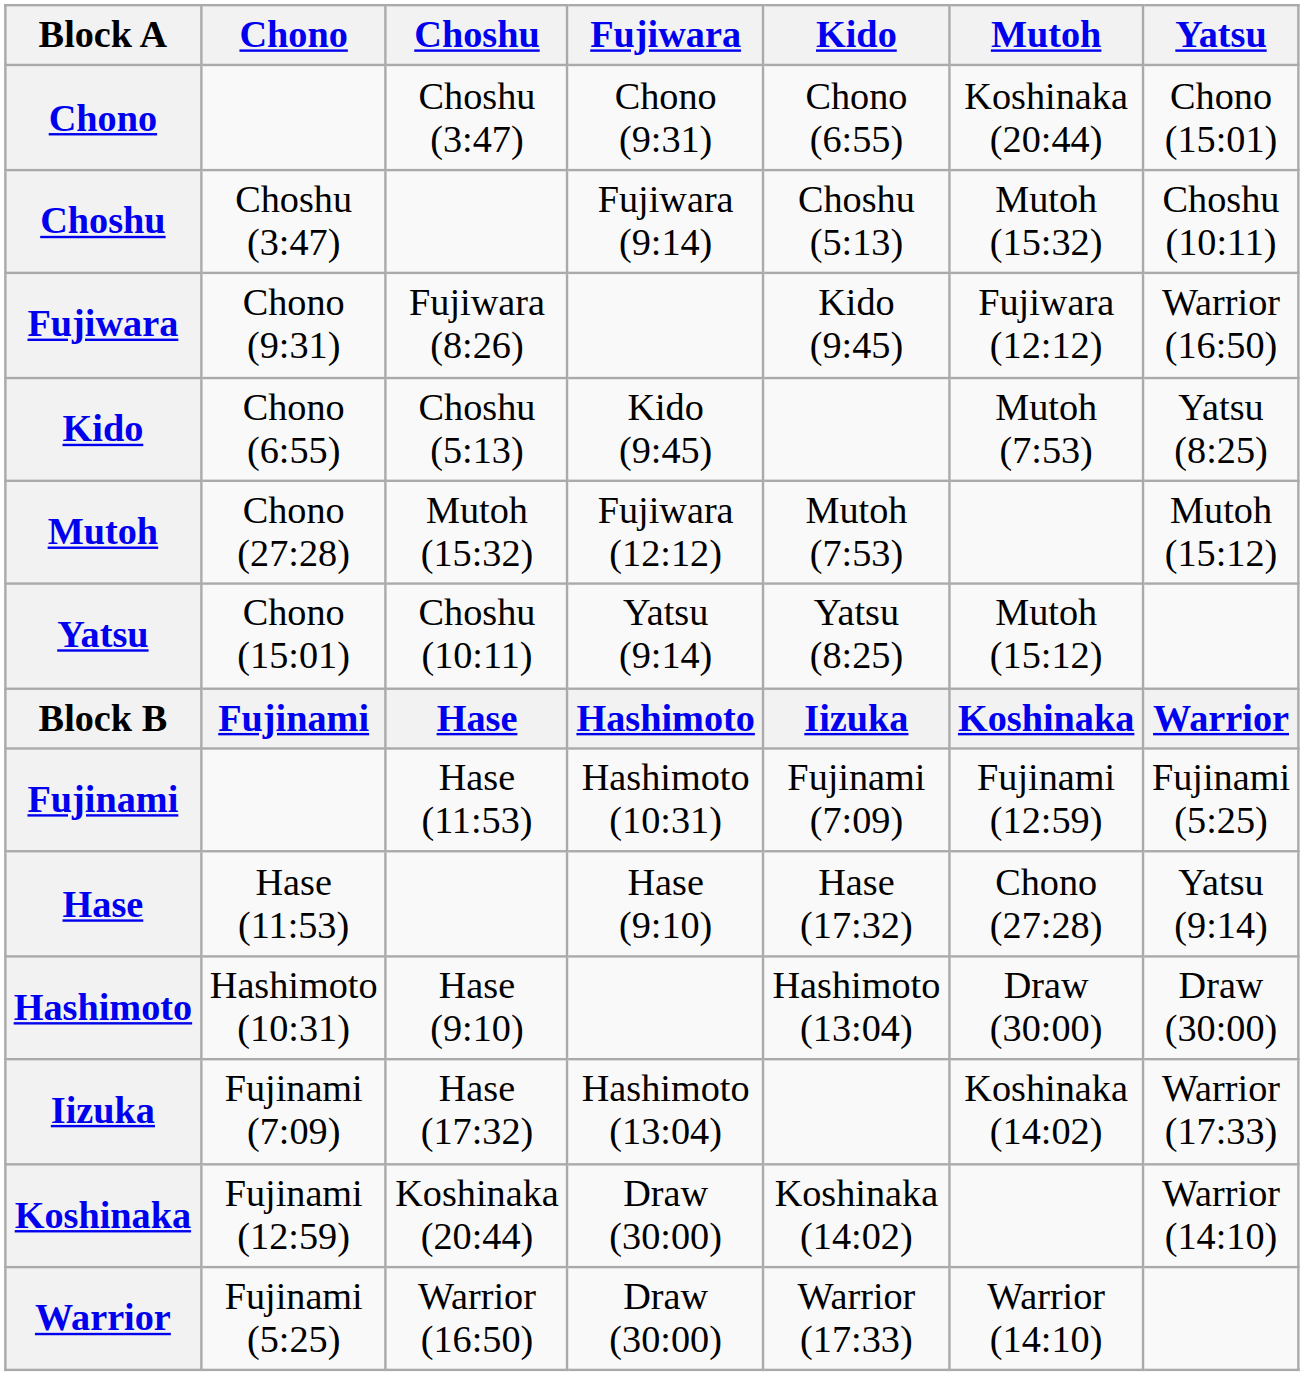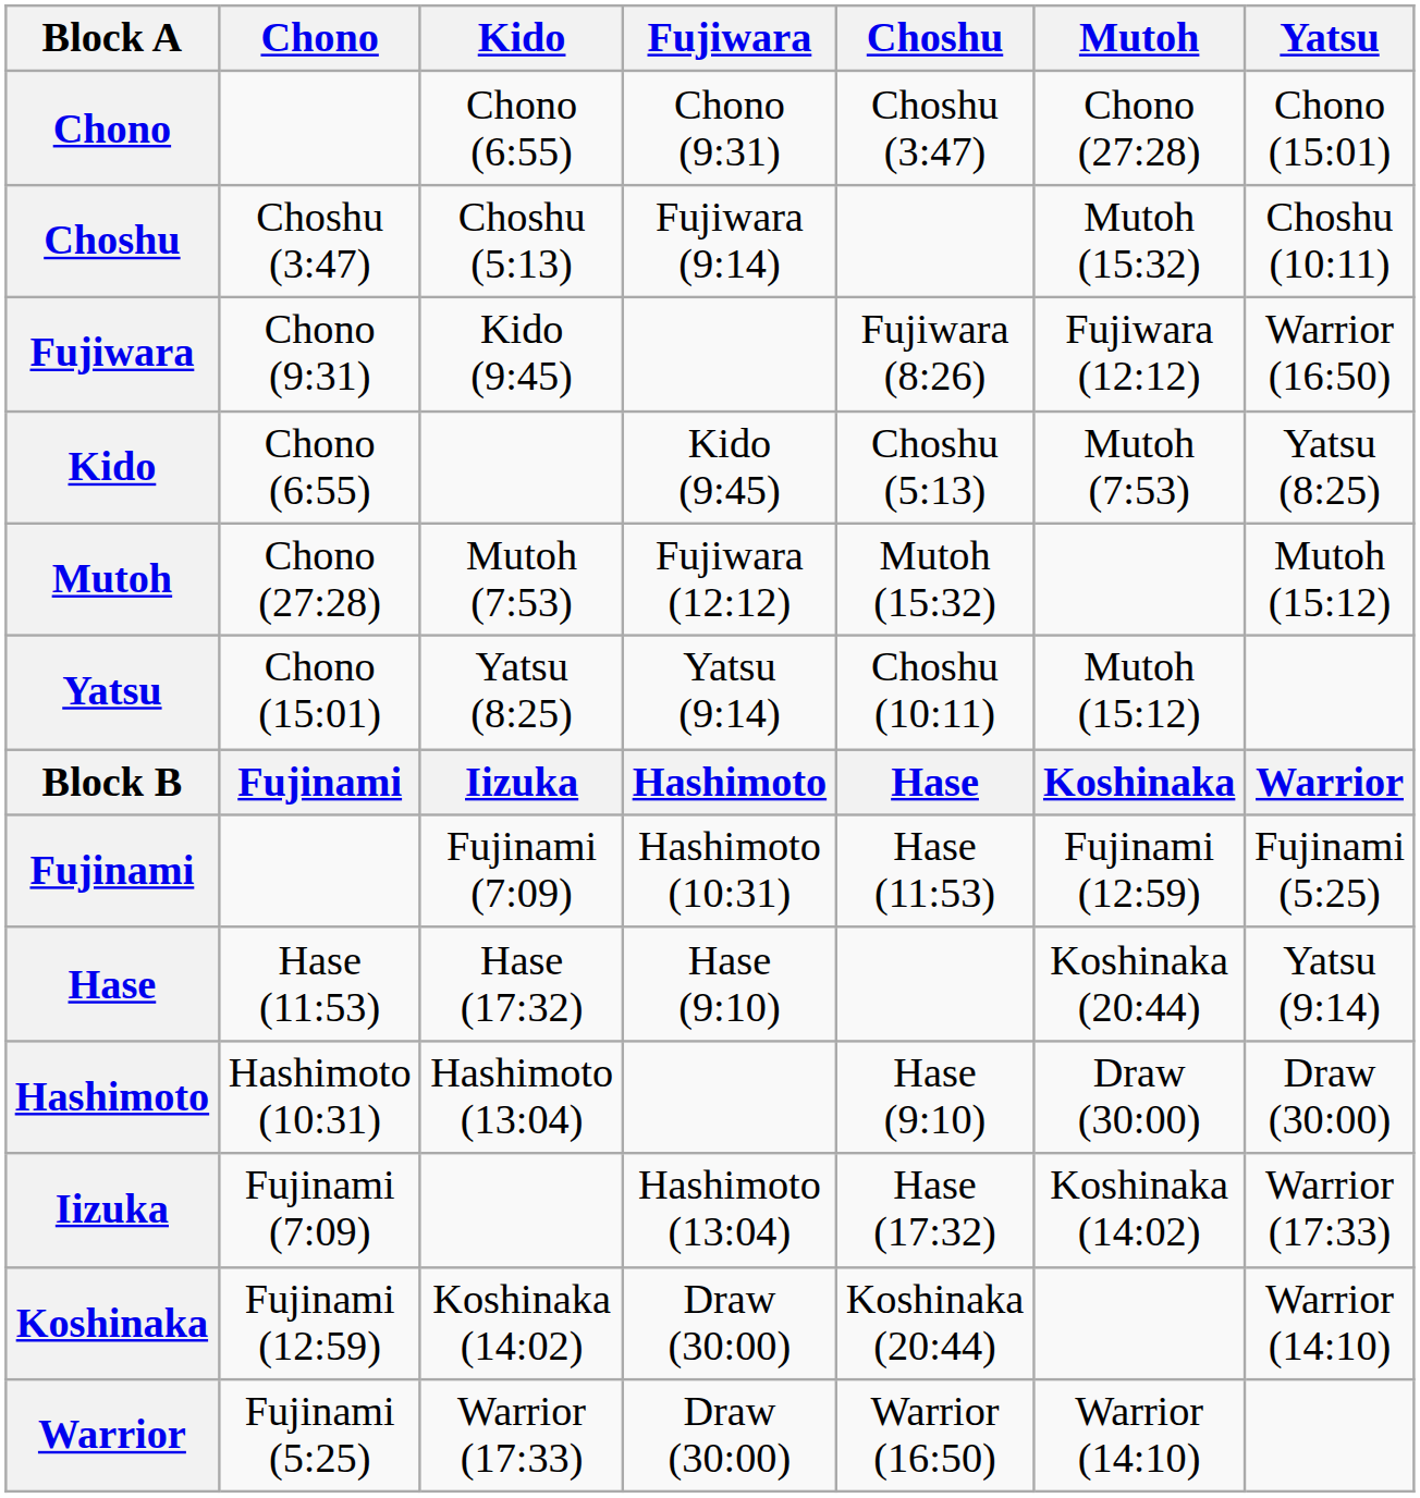 <table class="wikitable" style="margin: 1em auto 1em auto">
 <tr align="center">
 <th>Block A</th>
 <th><a href='#'>Chono</a></th>
+<th><a href='#'>Kido</a></th>
+<th><a href='#'>Fujiwara</a></th>
 <th><a href='#'>Choshu</a></th>
-<th><a href='#'>Fujiwara</a></th>
-<th><a href='#'>Kido</a></th>
 <th><a href='#'>Mutoh</a></th>
 <th><a href='#'>Yatsu</a></th>
 </tr>
 <tr align="center">
 <th><a href='#'>Chono</a></th>
 <td></td>
+<td>Chono<br>(6:55)</td>
+<td>Chono<br>(9:31)</td>
 <td>Choshu<br>(3:47)</td>
-<td>Chono<br>(9:31)</td>
-<td>Chono<br>(6:55)</td>
-<td>Koshinaka<br>(20:44)</td>
+<td>Chono<br>(27:28)</td>
 <td>Chono<br>(15:01)</td>
 </tr>
 <tr align="center">
 <th><a href='#'>Choshu</a></th>
 <td>Choshu<br>(3:47)</td>
+<td>Choshu<br>(5:13)</td>
+<td>Fujiwara<br>(9:14)</td>
 <td></td>
-<td>Fujiwara<br>(9:14)</td>
-<td>Choshu<br>(5:13)</td>
 <td>Mutoh<br>(15:32)</td>
 <td>Choshu<br>(10:11)</td>
 </tr>
 <tr align="center">
 <th><a href='#'>Fujiwara</a></th>
 <td>Chono<br>(9:31)</td>
+<td>Kido<br>(9:45)</td>
+<td></td>
 <td>Fujiwara<br>(8:26)</td>
-<td></td>
-<td>Kido<br>(9:45)</td>
 <td>Fujiwara<br>(12:12)</td>
 <td>Warrior<br>(16:50)</td>
 </tr>
 <tr align="center">
 <th><a href='#'>Kido</a></th>
 <td>Chono<br>(6:55)</td>
+<td></td>
+<td>Kido<br>(9:45)</td>
 <td>Choshu<br>(5:13)</td>
-<td>Kido<br>(9:45)</td>
-<td></td>
 <td>Mutoh<br>(7:53)</td>
 <td>Yatsu<br>(8:25)</td>
 </tr>
 <tr align="center">
 <th><a href='#'>Mutoh</a></th>
 <td>Chono<br>(27:28)</td>
+<td>Mutoh<br>(7:53)</td>
+<td>Fujiwara<br>(12:12)</td>
 <td>Mutoh<br>(15:32)</td>
-<td>Fujiwara<br>(12:12)</td>
-<td>Mutoh<br>(7:53)</td>
 <td></td>
 <td>Mutoh<br>(15:12)</td>
 </tr>
 <tr align="center">
 <th><a href='#'>Yatsu</a></th>
 <td>Chono<br>(15:01)</td>
+<td>Yatsu<br>(8:25)</td>
+<td>Yatsu<br>(9:14)</td>
 <td>Choshu<br>(10:11)</td>
-<td>Yatsu<br>(9:14)</td>
-<td>Yatsu<br>(8:25)</td>
 <td>Mutoh<br>(15:12)</td>
 <td></td>
 </tr>
 <tr align="center">
 <th>Block B</th>
 <th><a href='#'>Fujinami</a></th>
+<th><a href='#'>Iizuka</a></th>
+<th><a href='#'>Hashimoto</a></th>
 <th><a href='#'>Hase</a></th>
-<th><a href='#'>Hashimoto</a></th>
-<th><a href='#'>Iizuka</a></th>
 <th><a href='#'>Koshinaka</a></th>
 <th><a href='#'>Warrior</a></th>
 </tr>
 <tr align="center">
 <th><a href='#'>Fujinami</a></th>
 <td></td>
+<td>Fujinami<br>(7:09)</td>
+<td>Hashimoto<br>(10:31)</td>
 <td>Hase<br>(11:53)</td>
-<td>Hashimoto<br>(10:31)</td>
-<td>Fujinami<br>(7:09)</td>
 <td>Fujinami<br>(12:59)</td>
 <td>Fujinami<br>(5:25)</td>
 </tr>
 <tr align="center">
 <th><a href='#'>Hase</a></th>
 <td>Hase<br>(11:53)</td>
+<td>Hase<br>(17:32)</td>
+<td>Hase<br>(9:10)</td>
 <td></td>
-<td>Hase<br>(9:10)</td>
-<td>Hase<br>(17:32)</td>
-<td>Chono<br>(27:28)</td>
+<td>Koshinaka<br>(20:44)</td>
 <td>Yatsu<br>(9:14)</td>
 </tr>
 <tr align="center">
 <th><a href='#'>Hashimoto</a></th>
 <td>Hashimoto<br>(10:31)</td>
+<td>Hashimoto<br>(13:04)</td>
+<td></td>
 <td>Hase<br>(9:10)</td>
-<td></td>
-<td>Hashimoto<br>(13:04)</td>
 <td>Draw<br>(30:00)</td>
 <td>Draw<br>(30:00)</td>
 </tr>
 <tr align="center">
 <th><a href='#'>Iizuka</a></th>
 <td>Fujinami<br>(7:09)</td>
+<td></td>
+<td>Hashimoto<br>(13:04)</td>
 <td>Hase<br>(17:32)</td>
-<td>Hashimoto<br>(13:04)</td>
-<td></td>
 <td>Koshinaka<br>(14:02)</td>
 <td>Warrior<br>(17:33)</td>
 </tr>
 <tr align="center">
 <th><a href='#'>Koshinaka</a></th>
 <td>Fujinami<br>(12:59)</td>
+<td>Koshinaka<br>(14:02)</td>
+<td>Draw<br>(30:00)</td>
 <td>Koshinaka<br>(20:44)</td>
-<td>Draw<br>(30:00)</td>
-<td>Koshinaka<br>(14:02)</td>
 <td></td>
 <td>Warrior<br>(14:10)</td>
 </tr>
 <tr align="center">
 <th><a href='#'>Warrior</a></th>
 <td>Fujinami<br>(5:25)</td>
+<td>Warrior<br>(17:33)</td>
+<td>Draw<br>(30:00)</td>
 <td>Warrior<br>(16:50)</td>
-<td>Draw<br>(30:00)</td>
-<td>Warrior<br>(17:33)</td>
 <td>Warrior<br>(14:10)</td>
 <td></td>
 </tr>
 </table>
